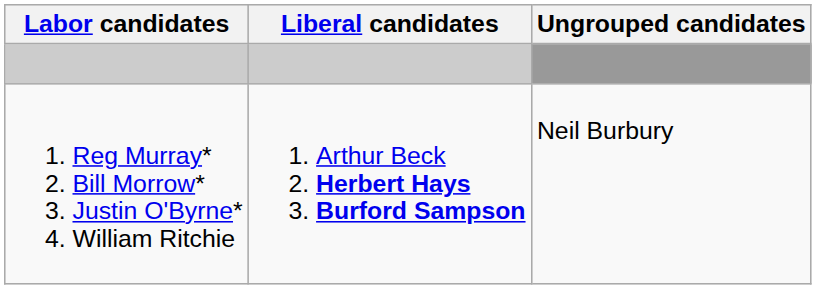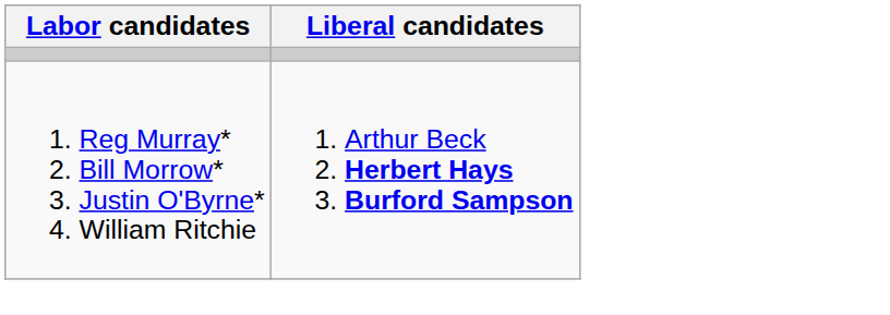 <table class="wikitable">
 <tr>
 <th><a href='#'>Labor</a> candidates</th>
 <th><a href='#'>Liberal</a> candidates</th>
-<th>Ungrouped candidates</th>
 </tr>
 <tr bgcolor="#cccccc">
 <td></td>
 <td></td>
-<td bgcolor="#999999"> </td>
 </tr>
 <tr>
 <td><br><ol><li><a href='#'>Reg Murray</a>*</li><li><a href='#'>Bill Morrow</a>*</li><li><a href='#'>Justin O'Byrne</a>*</li><li>William Ritchie</li></ol></td>
 <td valign=top><br><ol><li><a href='#'>Arthur Beck</a></li><li><strong><a href='#'>Herbert Hays</a></strong></li><li><strong><a href='#'>Burford Sampson</a></strong></li></ol></td>
-<td valign=top><br>Neil Burbury</td>
 </tr>
 </table>
